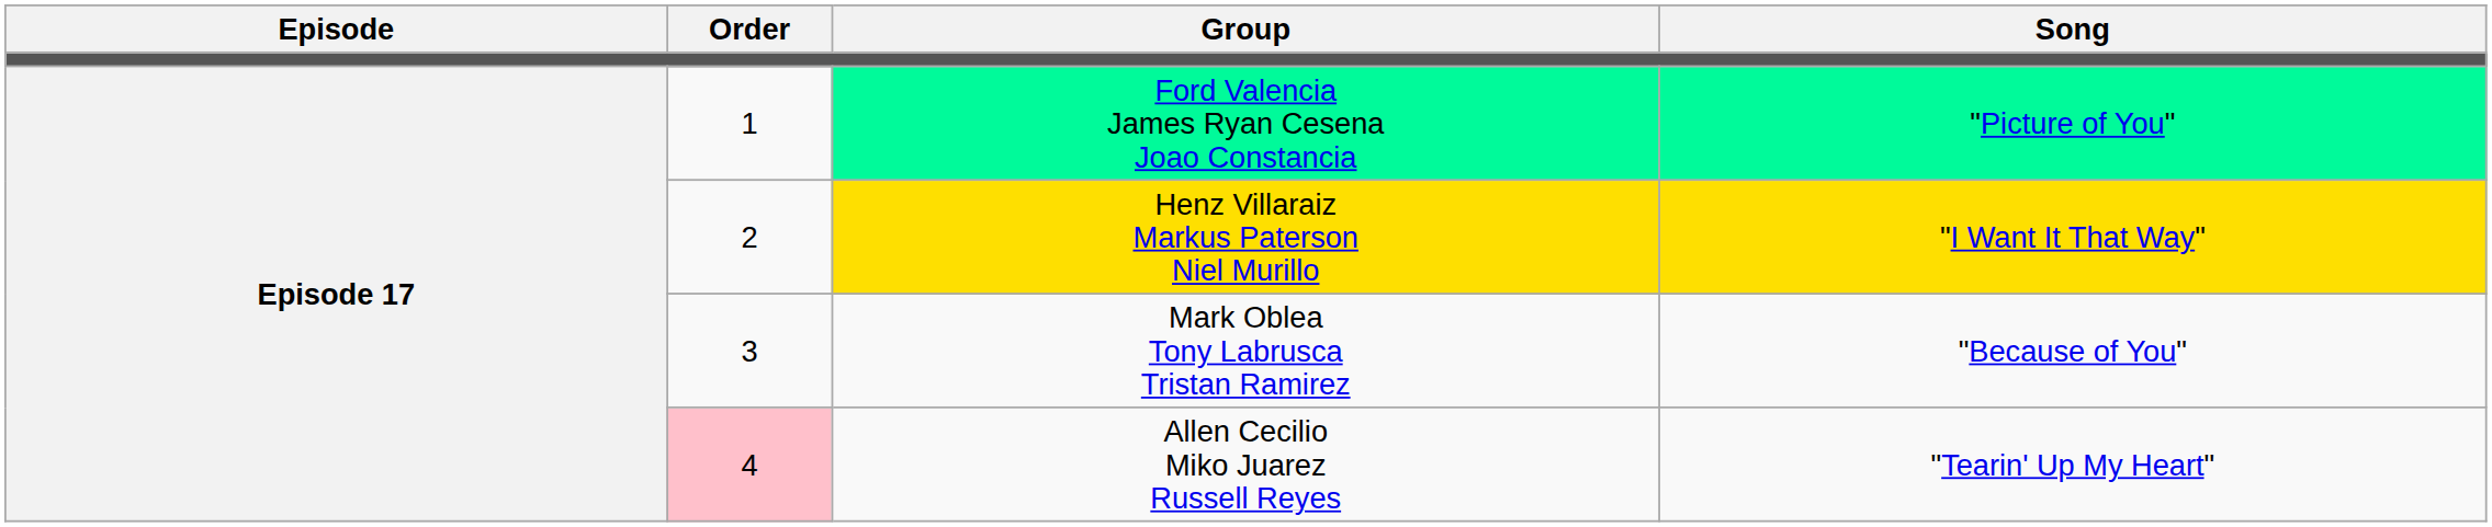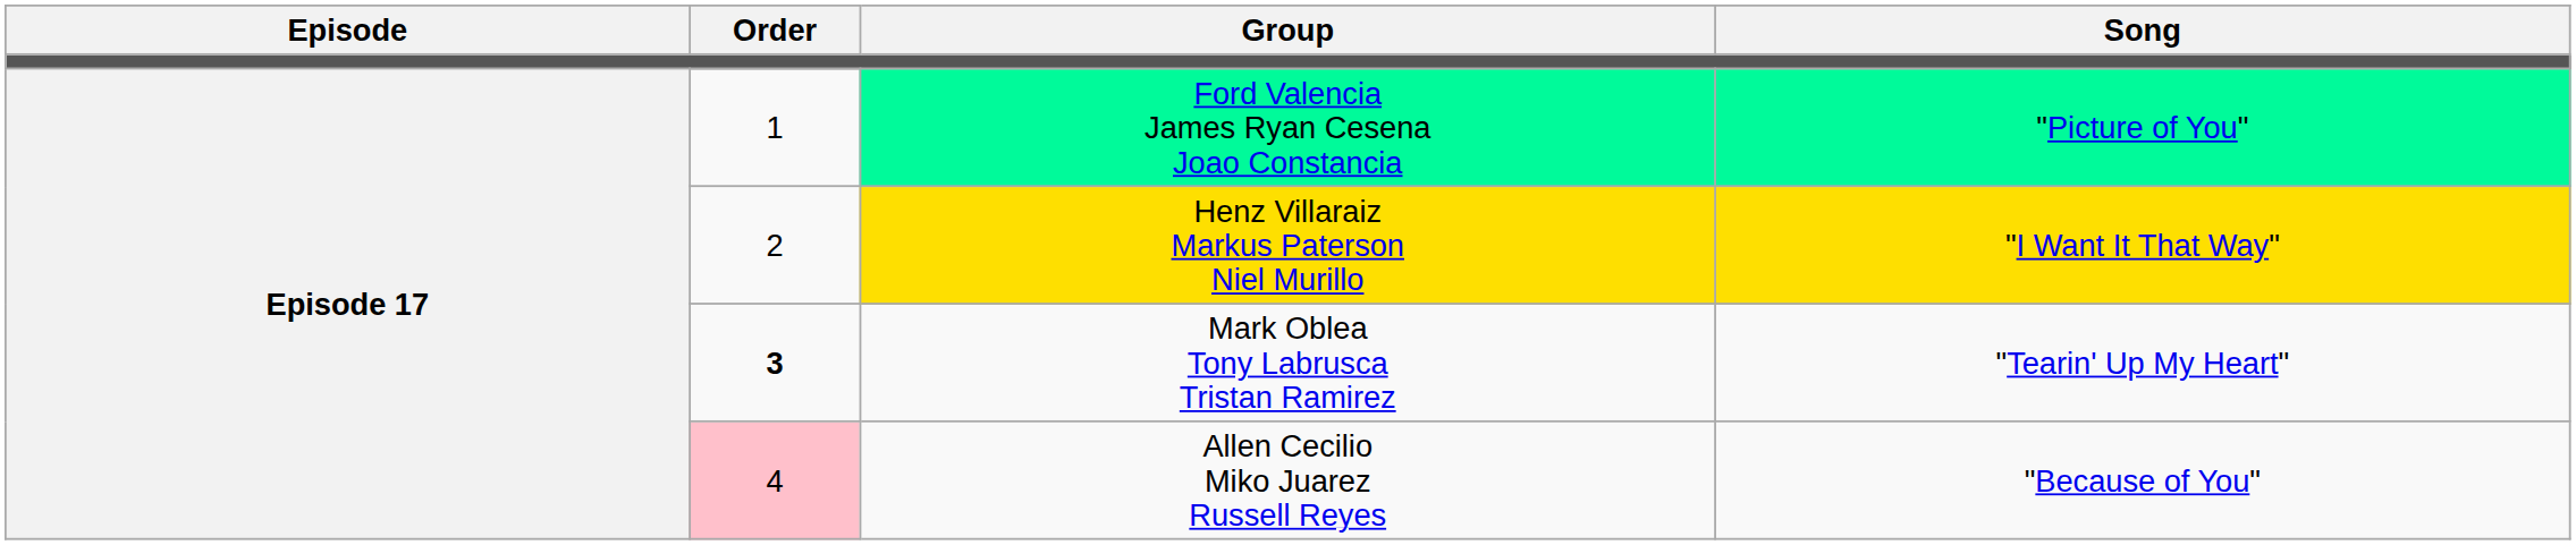 <table class="wikitable" style="text-align:center; line-height:17px; width:100%; font-size: 95%;">
 <tr>
 <th style="width:20%;">Episode</th>
 <th style="width:05%;">Order</th>
 <th style="width:25%;">Group</th>
 <th style="width:25%;">Song</th>
 </tr>
 <tr>
 <td colspan="4" style="background:#555;"></td>
 </tr>
 <tr>
 <th rowspan="4">Episode 17<br><small></small></th>
 <td>1</td>
 <td style="background:#00fa9a;"><a href='#'>Ford Valencia</a> <br> James Ryan Cesena <br> <a href='#'>Joao Constancia</a></td>
 <td style="background:#00fa9a;">"<a href='#'>Picture of You</a>"</td>
 </tr>
 <tr>
 <td>2</td>
 <td style="background:#fedf00;">Henz Villaraiz <br> <a href='#'>Markus Paterson</a> <br> <a href='#'>Niel Murillo</a></td>
 <td style="background:#fedf00;">"<a href='#'>I Want It That Way</a>"</td>
 </tr>
 <tr>
-<td>3</td>
+<td><strong>3</strong></td>
 <td>Mark Oblea <br> <a href='#'>Tony Labrusca</a> <br> <a href='#'>Tristan Ramirez</a></td>
-<td>"<a href='#'>Because of You</a>"</td>
+<td>"<a href='#'>Tearin' Up My Heart</a>"</td>
 </tr>
 <tr>
 <td style="background: pink;">4</td>
 <td>Allen Cecilio <br> Miko Juarez <br> <a href='#'>Russell Reyes</a></td>
-<td>"<a href='#'>Tearin' Up My Heart</a>"</td>
+<td>"<a href='#'>Because of You</a>"</td>
 </tr>
 </table>
